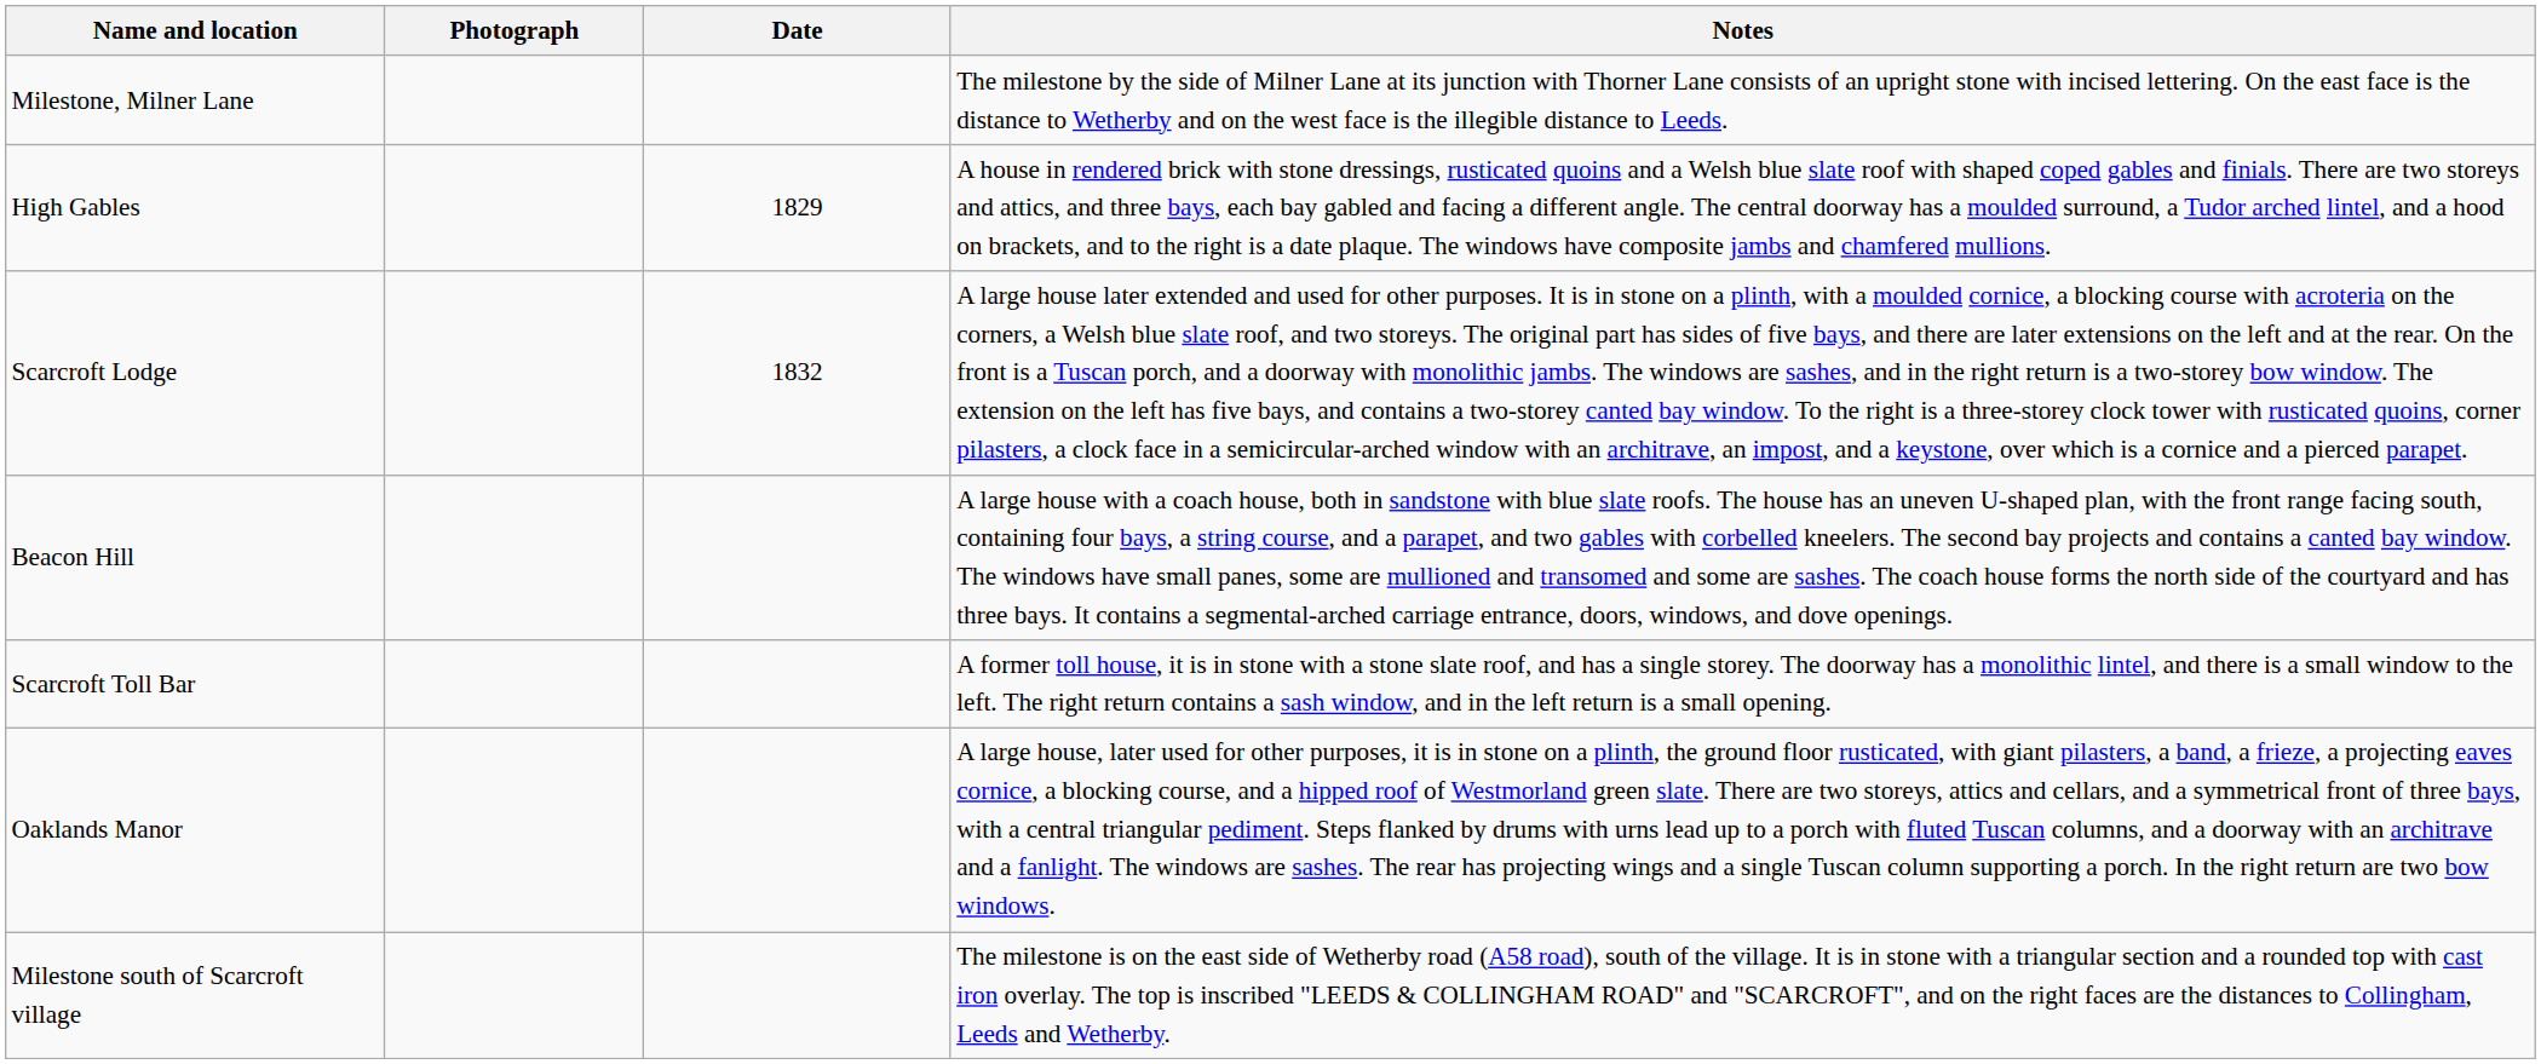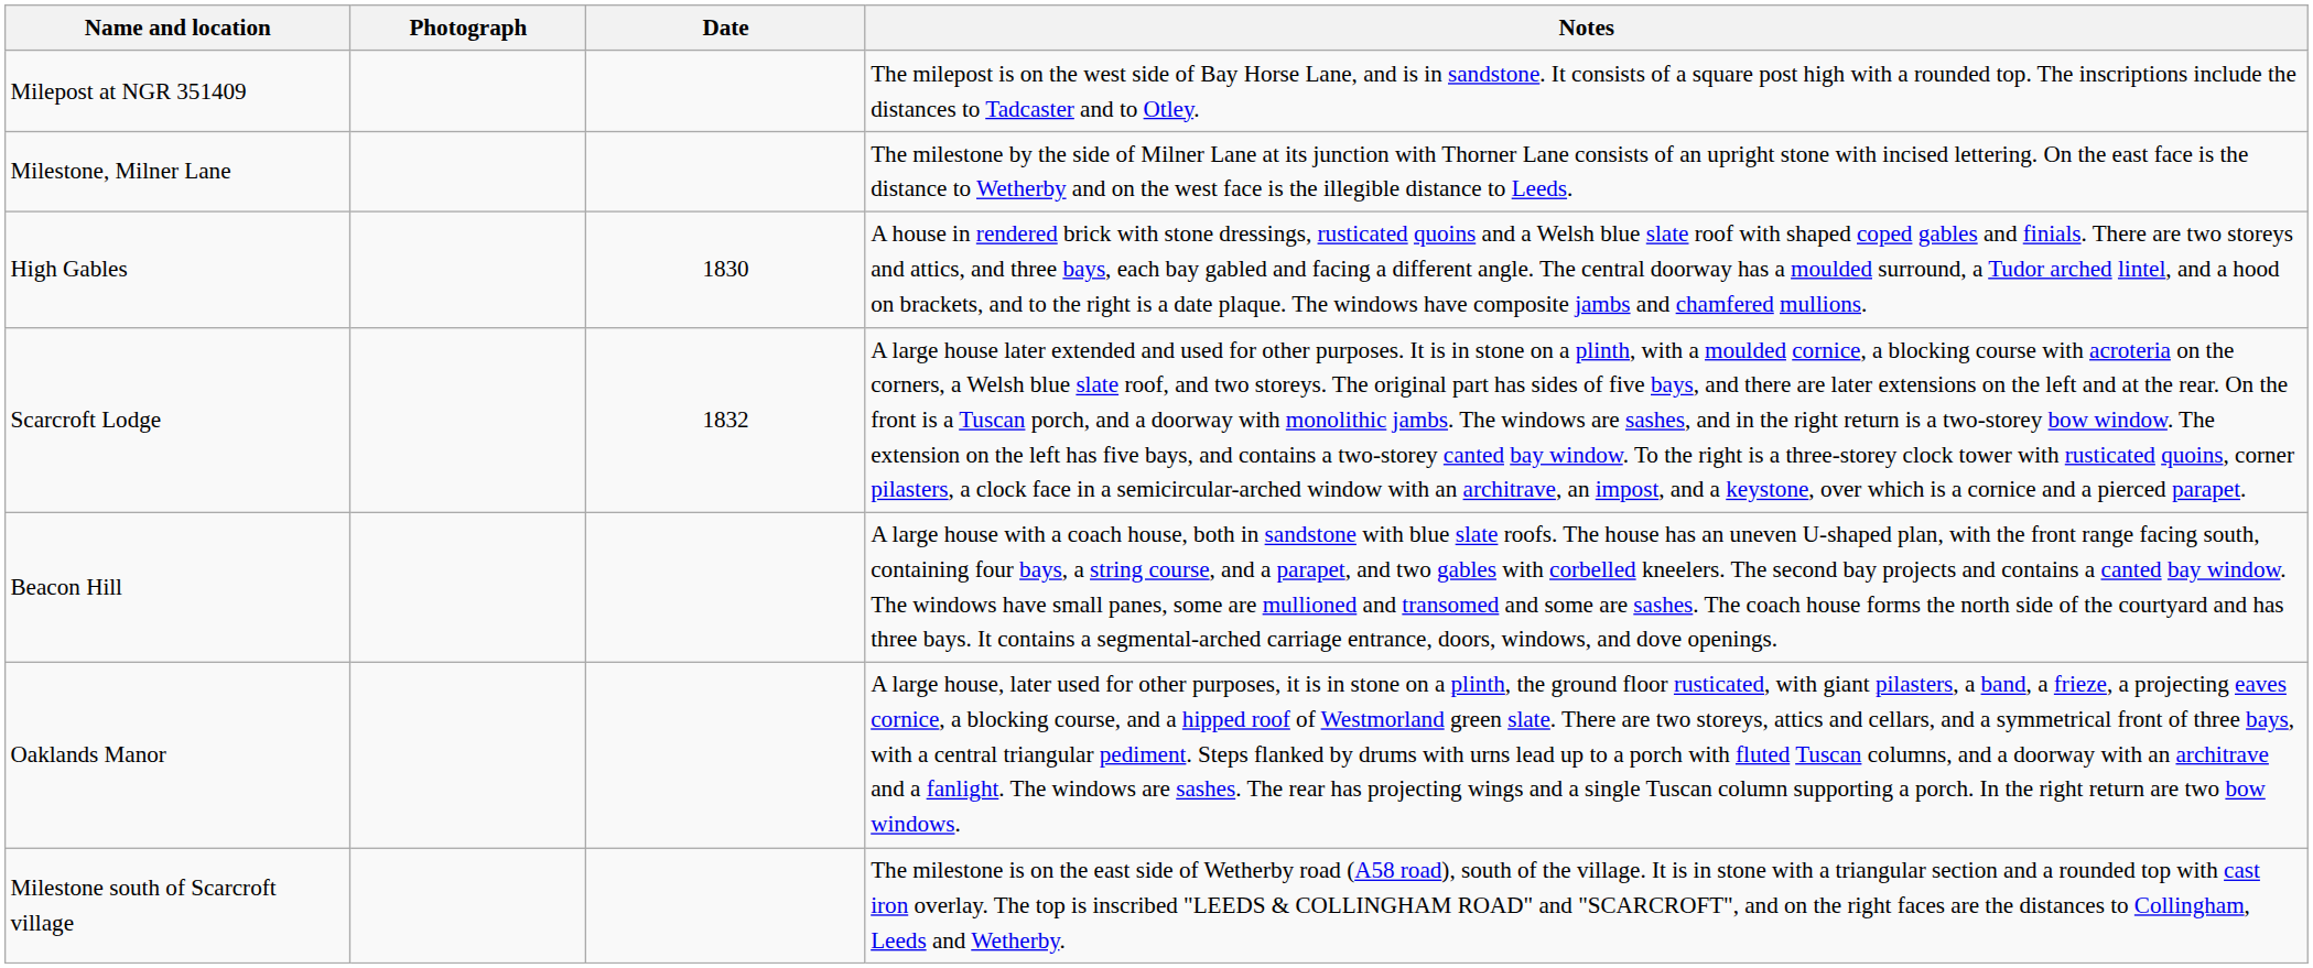 <table class="wikitable sortable plainrowheaders" style="width:100%;border:0px;text-align:left;line-height:150%;">
 <tr>
 <th scope="col"  style="width:150px">Name and location</th>
 <th scope="col"  style="width:100px" class="unsortable">Photograph</th>
 <th scope="col"  style="width:120px">Date</th>
 <th scope="col"  style="width:650px" class="unsortable">Notes</th>
+</tr>
+<tr>
+<td>Milepost at NGR 351409<br><small></small></td>
+<td></td>
+<td align="center"></td>
+<td>The milepost is on the west side of Bay Horse Lane, and is in <a href='#'>sandstone</a>.  It consists of a square post  high with a rounded top.  The inscriptions include the distances to <a href='#'>Tadcaster</a> and to <a href='#'>Otley</a>.</td>
 </tr>
 <tr>
 <td>Milestone, Milner Lane<br><small></small></td>
 <td></td>
 <td align="center"></td>
 <td>The milestone by the side of Milner Lane at its junction with Thorner Lane consists of an upright stone with incised lettering.  On the east face is the distance to <a href='#'>Wetherby</a> and on the west face is the illegible distance to <a href='#'>Leeds</a>.</td>
 </tr>
 <tr>
 <td>High Gables<br><small></small></td>
 <td></td>
-<td align="center">1829</td>
+<td align="center">1830</td>
 <td>A house in <a href='#'>rendered</a> brick with stone dressings, <a href='#'>rusticated</a> <a href='#'>quoins</a> and a Welsh blue <a href='#'>slate</a> roof with shaped <a href='#'>coped</a> <a href='#'>gables</a> and <a href='#'>finials</a>.  There are two storeys and attics, and three <a href='#'>bays</a>, each bay gabled and facing a different angle.  The central doorway has a <a href='#'>moulded</a> surround, a <a href='#'>Tudor arched</a> <a href='#'>lintel</a>, and a hood on brackets, and to the right is a date plaque.  The windows have composite <a href='#'>jambs</a> and <a href='#'>chamfered</a> <a href='#'>mullions</a>.</td>
 </tr>
 <tr>
 <td>Scarcroft Lodge<br><small></small></td>
 <td></td>
 <td align="center">1832</td>
 <td>A large house later extended and used for other purposes.  It is in stone on a <a href='#'>plinth</a>, with a <a href='#'>moulded</a> <a href='#'>cornice</a>, a blocking course with <a href='#'>acroteria</a> on the corners, a Welsh blue <a href='#'>slate</a> roof, and two storeys.  The original part has sides of five <a href='#'>bays</a>, and there are later extensions on the left and at the rear. On the front is a <a href='#'>Tuscan</a> porch, and a doorway with <a href='#'>monolithic</a> <a href='#'>jambs</a>.  The windows are <a href='#'>sashes</a>, and in the right return is a two-storey <a href='#'>bow window</a>.  The extension on the left has five bays, and contains a two-storey <a href='#'>canted</a> <a href='#'>bay window</a>.  To the right is a three-storey clock tower with <a href='#'>rusticated</a> <a href='#'>quoins</a>, corner <a href='#'>pilasters</a>, a clock face in a semicircular-arched window with an <a href='#'>architrave</a>, an <a href='#'>impost</a>, and a <a href='#'>keystone</a>, over which is a cornice and a pierced <a href='#'>parapet</a>.</td>
 </tr>
 <tr>
 <td>Beacon Hill<br><small></small></td>
 <td></td>
 <td align="center"></td>
 <td>A large house with a coach house, both in <a href='#'>sandstone</a> with blue <a href='#'>slate</a> roofs.  The house has an uneven U-shaped plan, with the front range facing south, containing four <a href='#'>bays</a>, a <a href='#'>string course</a>, and a <a href='#'>parapet</a>, and two <a href='#'>gables</a> with <a href='#'>corbelled</a> kneelers.  The second bay projects and contains a <a href='#'>canted</a> <a href='#'>bay window</a>.  The windows have small panes, some are <a href='#'>mullioned</a> and <a href='#'>transomed</a> and some are <a href='#'>sashes</a>.  The coach house forms the north side of the courtyard and has three bays.  It contains a segmental-arched carriage entrance, doors, windows, and dove openings.</td>
-</tr>
-<tr>
-<td>Scarcroft Toll Bar<br><small></small></td>
-<td></td>
-<td align="center"></td>
-<td>A former <a href='#'>toll house</a>, it is in stone with a stone slate roof, and has a single storey.  The doorway has a <a href='#'>monolithic</a> <a href='#'>lintel</a>, and there is a small window to the left.  The right return contains a <a href='#'>sash window</a>, and in the left return is a small opening.</td>
 </tr>
 <tr>
 <td>Oaklands Manor<br><small></small></td>
 <td></td>
 <td align="center"></td>
 <td>A large house, later used for other purposes, it is in stone on a <a href='#'>plinth</a>, the ground floor <a href='#'>rusticated</a>, with giant <a href='#'>pilasters</a>, a <a href='#'>band</a>, a <a href='#'>frieze</a>, a projecting <a href='#'>eaves</a> <a href='#'>cornice</a>, a blocking course, and a <a href='#'>hipped roof</a> of <a href='#'>Westmorland</a> green <a href='#'>slate</a>.  There are two storeys, attics and cellars, and a symmetrical front of three <a href='#'>bays</a>, with a central triangular <a href='#'>pediment</a>.  Steps flanked by drums with urns lead up to a porch with <a href='#'>fluted</a> <a href='#'>Tuscan</a> columns, and a doorway with an <a href='#'>architrave</a> and a <a href='#'>fanlight</a>.  The windows are <a href='#'>sashes</a>.  The rear has projecting wings and a single Tuscan column supporting a porch.  In the right return are two <a href='#'>bow windows</a>.</td>
 </tr>
 <tr>
 <td>Milestone south of Scarcroft village<br><small></small></td>
 <td></td>
 <td align="center"></td>
 <td>The milestone is on the east side of Wetherby road (<a href='#'>A58 road</a>), south of the village.  It is in stone with a triangular section and a rounded top with <a href='#'>cast iron</a> overlay.  The top is inscribed "LEEDS & COLLINGHAM ROAD" and "SCARCROFT", and on the right faces are the distances to <a href='#'>Collingham</a>, <a href='#'>Leeds</a> and <a href='#'>Wetherby</a>.</td>
 </tr>
 <tr>
 </tr>
 </table>
